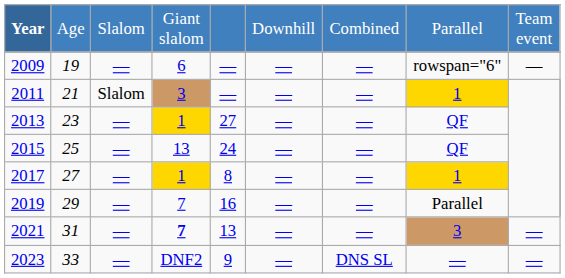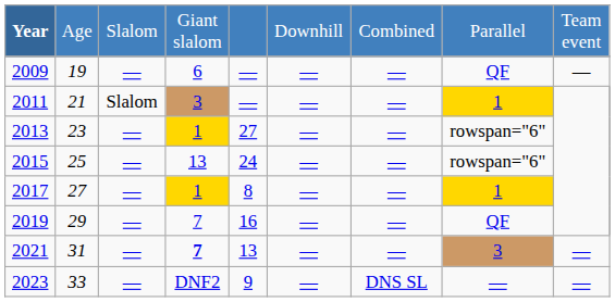 <table class="wikitable" style="font-size:95%; text-align:center; border:grey solid 1px; border-collapse:collapse;" width="40%">
 <tr style="background-color:#369; color:white;">
 <td rowspan="2" colspan="1" width="4%"><strong>Year</strong></td>
 </tr>
 <tr style="background-color:#4180be; color:white;">
 <td width="3%">Age</td>
 <td width="5%">Slalom</td>
 <td width="5%">Giant<br>slalom</td>
 <td width="5%"></td>
 <td width="5%">Downhill</td>
 <td width="5%">Combined</td>
 <td width="5%">Parallel</td>
 <td width="5%">Team event</td>
 </tr>
 <tr style="background-color:#8CB2D8; color:white;">
 </tr>
 <tr>
 <td><a href='#'>2009</a></td>
 <td><em>19</em></td>
 <td><a href='#'>—</a></td>
 <td><a href='#'>6</a></td>
 <td><a href='#'>—</a></td>
 <td><a href='#'>—</a></td>
 <td><a href='#'>—</a></td>
-<td>rowspan="6" </td>
+<td><a href='#'>QF</a></td>
 <td>—</td>
 </tr>
 <tr>
 <td><a href='#'>2011</a></td>
 <td><em>21</em></td>
 <td width="5%">Slalom</td>
 <td style="background:#c96;"><a href='#'>3</a></td>
 <td><a href='#'>—</a></td>
 <td><a href='#'>—</a></td>
 <td><a href='#'>—</a></td>
 <td style="background:gold;"><a href='#'>1</a></td>
 </tr>
 <tr>
 <td><a href='#'>2013</a></td>
 <td><em>23</em></td>
 <td><a href='#'>—</a></td>
 <td style="background:gold;"><a href='#'>1</a></td>
 <td><a href='#'>27</a></td>
 <td><a href='#'>—</a></td>
 <td><a href='#'>—</a></td>
-<td><a href='#'>QF</a></td>
+<td>rowspan="6" </td>
 </tr>
 <tr>
 <td><a href='#'>2015</a></td>
 <td><em>25</em></td>
 <td><a href='#'>—</a></td>
 <td><a href='#'>13</a></td>
 <td><a href='#'>24</a></td>
 <td><a href='#'>—</a></td>
 <td><a href='#'>—</a></td>
-<td><a href='#'>QF</a></td>
+<td>rowspan="6" </td>
 </tr>
 <tr>
 <td><a href='#'>2017</a></td>
 <td><em>27</em></td>
 <td><a href='#'>—</a></td>
 <td style="background:gold;"><a href='#'>1</a></td>
 <td><a href='#'>8</a></td>
 <td><a href='#'>—</a></td>
 <td><a href='#'>—</a></td>
 <td style="background:gold;"><a href='#'>1</a></td>
 </tr>
 <tr>
 <td><a href='#'>2019</a></td>
 <td><em>29</em></td>
 <td><a href='#'>—</a></td>
 <td><a href='#'>7</a></td>
 <td><a href='#'>16</a></td>
 <td><a href='#'>—</a></td>
 <td><a href='#'>—</a></td>
-<td width="5%">Parallel</td>
+<td><a href='#'>QF</a></td>
 </tr>
 <tr>
 <td><a href='#'>2021</a></td>
 <td><em>31</em></td>
 <td><a href='#'>—</a></td>
 <td><strong><a href='#'>7</a></strong></td>
 <td><a href='#'>13</a></td>
 <td><a href='#'>—</a></td>
 <td><a href='#'>—</a></td>
 <td style="background:#c96;"><a href='#'>3</a></td>
 <td><a href='#'>—</a></td>
 </tr>
 <tr>
 <td><a href='#'>2023</a></td>
 <td><em>33</em></td>
 <td><a href='#'>—</a></td>
 <td><a href='#'>DNF2</a></td>
 <td><a href='#'>9</a></td>
 <td><a href='#'>—</a></td>
 <td><a href='#'>DNS SL</a></td>
 <td><a href='#'>—</a></td>
 <td><a href='#'>—</a></td>
 </tr>
 </table>
